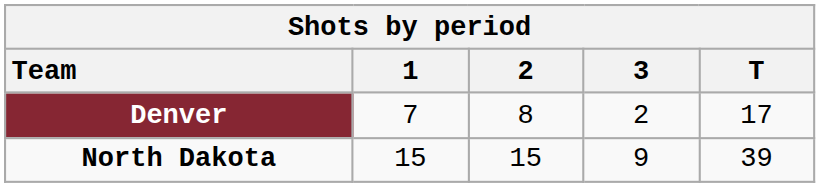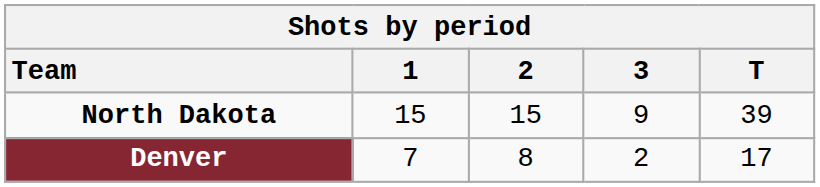 <table class="wikitable" style="width:30em; text-align:right;">
 <tr>
 <th colspan=5>Shots by period</th>
 </tr>
 <tr>
 <th style="width:10em; text-align:left;">Team</th>
 <th style="width:3em;">1</th>
 <th style="width:3em;">2</th>
 <th style="width:3em;">3</th>
 <th style="width:3em;">T</th>
 </tr>
 <tr>
+<td align=center><strong>North Dakota</strong></td>
+<td align=center>15</td>
+<td align=center>15</td>
+<td align=center>9</td>
+<td align=center>39</td>
+</tr>
+<tr>
 <td align=center style="color:white; background:#862633; "><strong>Denver</strong></td>
 <td align=center>7</td>
 <td align=center>8</td>
 <td align=center>2</td>
 <td align=center>17</td>
 </tr>
-<tr>
-<td align=center><strong>North Dakota</strong></td>
-<td align=center>15</td>
-<td align=center>15</td>
-<td align=center>9</td>
-<td align=center>39</td>
-</tr>
 </table>
